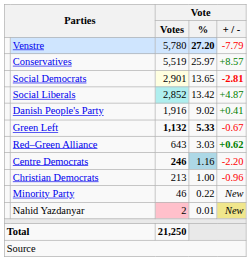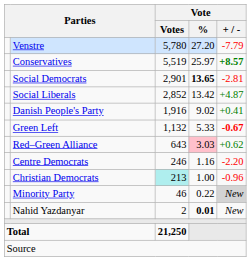 <table class="wikitable" style="text-align:right;">
 <tr>
 <th style="text-align:centre;" rowspan="2" colspan="2" width="225">Parties</th>
 <th colspan="3">Vote</th>
 </tr>
 <tr>
 <th width="15">Votes</th>
 <th width="15">%</th>
 <th width="15">+ / -</th>
 </tr>
 <tr>
 <td width="2" style="color:inherit;background:"></td>
 <td bgcolor=#cfe5fe  align="left"><a href='#'>Venstre</a></td>
 <td bgcolor=#cfe5fe>5,780</td>
-<td bgcolor=#cfe5fe><strong>27.20</strong></td>
+<td bgcolor=#cfe5fe>27.20</td>
 <td style=color:red;>-7.79</td>
 </tr>
 <tr>
 <td width="2" style="color:inherit;background:"></td>
 <td align="left"><a href='#'>Conservatives</a></td>
 <td>5,519</td>
 <td>25.97</td>
-<td style=color:green;>+8.57</td>
+<td style=color:green;><strong>+8.57</strong></td>
 </tr>
 <tr>
 <td width="2" style="color:inherit;background:"></td>
 <td align="left"><a href='#'>Social Democrats</a></td>
-<td style="background: lightyellow;">2,901</td>
-<td>13.65</td>
-<td style=color:red;><strong>-2.81</strong></td>
+<td>2,901</td>
+<td><strong>13.65</strong></td>
+<td style=color:red;>-2.81</td>
 </tr>
 <tr>
 <td width="2" style="color:inherit;background:"></td>
 <td align="left"><a href='#'>Social Liberals</a></td>
-<td style="background: paleturquoise;">2,852</td>
+<td>2,852</td>
 <td>13.42</td>
 <td style=color:green;>+4.87</td>
 </tr>
 <tr>
 <td width="2" style="color:inherit;background:"></td>
 <td align="left"><a href='#'>Danish People's Party</a></td>
 <td>1,916</td>
 <td>9.02</td>
 <td style=color:green;>+0.41</td>
 </tr>
 <tr>
 <td width="2" style="color:inherit;background:"></td>
 <td align="left"><a href='#'>Green Left</a></td>
-<td><strong>1,132</strong></td>
-<td><strong>5.33</strong></td>
-<td style=color:red;>-0.67</td>
+<td>1,132</td>
+<td>5.33</td>
+<td style=color:red;><strong>-0.67</strong></td>
 </tr>
 <tr>
 <td width="2" style="color:inherit;background:"></td>
 <td align="left"><a href='#'>Red–Green Alliance</a></td>
 <td>643</td>
-<td>3.03</td>
-<td style=color:green;><strong>+0.62</strong></td>
+<td style="background: pink;">3.03</td>
+<td style=color:green;>+0.62</td>
 </tr>
 <tr>
 <td width="2" style="color:inherit;background:"></td>
 <td align="left"><a href='#'>Centre Democrats</a></td>
-<td><strong>246</strong></td>
-<td style="background: lightblue;">1.16</td>
+<td>246</td>
+<td>1.16</td>
 <td style=color:red;>-2.20</td>
 </tr>
 <tr>
 <td width="2" style="color:inherit;background:"></td>
 <td align="left"><a href='#'>Christian Democrats</a></td>
-<td>213</td>
+<td style="background: paleturquoise;">213</td>
 <td>1.00</td>
 <td style=color:red;>-0.96</td>
 </tr>
 <tr>
 <td width="2" style="color:inherit;background:"></td>
 <td align="left"><a href='#'>Minority Party</a></td>
 <td>46</td>
 <td>0.22</td>
-<td><em>New</em></td>
+<td style="background: lightgrey;"><em>New</em></td>
 </tr>
 <tr>
 <td width="2" style="color:inherit;background:"></td>
 <td align="left">Nahid Yazdanyar</td>
-<td style="background: pink;">2</td>
-<td>0.01</td>
-<td style="background: khaki;"><em>New</em></td>
+<td>2</td>
+<td><strong>0.01</strong></td>
+<td><em>New</em></td>
 </tr>
 <tr>
 <td colspan="7" bgcolor="#E9E9E9"></td>
 </tr>
 <tr>
 <td align="left" colspan="2"><strong>Total</strong></td>
 <td><strong>21,250</strong></td>
 <td bgcolor="#E9E9E9" colspan="2"></td>
 </tr>
 <tr>
 <td align="left" colspan="6">Source</td>
 </tr>
 </table>
